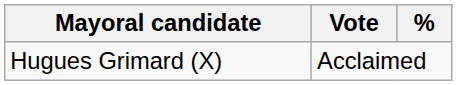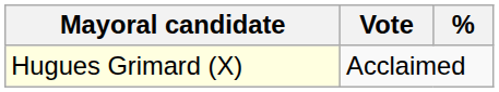 <table class="wikitable">
 <tr>
 <th bgcolor="#DDDDFF" width="200px">Mayoral candidate</th>
 <th bgcolor="#DDDDFF" width="50px">Vote</th>
 <th bgcolor="#DDDDFF"  width="30px">%</th>
 </tr>
 <tr>
-<td>Hugues Grimard (X)</td>
+<td style="background: lightyellow;">Hugues Grimard (X)</td>
 <td colspan="2">Acclaimed</td>
 </tr>
 </table>
